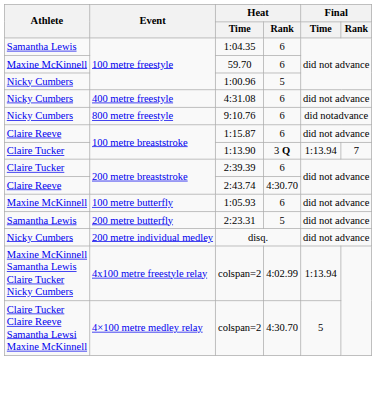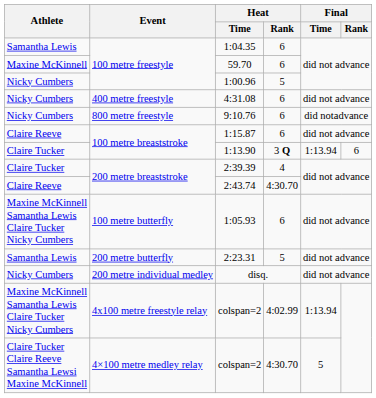 <table class=wikitable style=font-size:90%>
 <tr>
 <th rowspan=2>Athlete</th>
 <th rowspan=2>Event</th>
 <th colspan=2>Heat</th>
 <th colspan=2>Final</th>
 </tr>
 <tr style=font-size:95%>
 <th>Time</th>
 <th>Rank</th>
 <th>Time</th>
 <th>Rank</th>
 </tr>
 <tr align=center>
 <td align=left><a href='#'>Samantha Lewis</a></td>
 <td align=left rowspan=3><a href='#'>100 metre freestyle</a></td>
 <td>1:04.35</td>
 <td>6</td>
 <td colspan=2 rowspan=3>did not advance</td>
 </tr>
 <tr align=center>
 <td align=left><a href='#'>Maxine McKinnell</a></td>
 <td>59.70</td>
 <td>6</td>
 </tr>
 <tr align=center>
 <td align=left><a href='#'>Nicky Cumbers</a></td>
 <td>1:00.96</td>
 <td>5</td>
 </tr>
 <tr align=center>
 <td align=left><a href='#'>Nicky Cumbers</a></td>
 <td align=left><a href='#'>400 metre freestyle</a></td>
 <td>4:31.08</td>
 <td>6</td>
 <td colspan=2>did not advance</td>
 </tr>
 <tr align=center>
 <td align=left><a href='#'>Nicky Cumbers</a></td>
 <td align=left><a href='#'>800 metre freestyle</a></td>
 <td>9:10.76</td>
 <td>6</td>
 <td colspan=2>did notadvance</td>
 </tr>
 <tr align=center>
 <td align=left><a href='#'>Claire Reeve</a></td>
 <td align=left rowspan=2><a href='#'>100 metre breaststroke</a></td>
 <td>1:15.87</td>
 <td>6</td>
 <td colspan=2>did not advance</td>
 </tr>
 <tr align=center>
 <td align=left><a href='#'>Claire Tucker</a></td>
 <td>1:13.90</td>
 <td>3 <strong>Q</strong></td>
 <td>1:13.94</td>
-<td>7</td>
+<td>6</td>
 </tr>
 <tr align=center>
 <td align=left><a href='#'>Claire Tucker</a></td>
 <td align=left rowspan=2><a href='#'>200 metre breaststroke</a></td>
 <td>2:39.39</td>
-<td>6</td>
+<td>4</td>
 <td colspan=2 rowspan=2>did not advance</td>
 </tr>
 <tr align=center>
 <td align=left><a href='#'>Claire Reeve</a></td>
 <td>2:43.74</td>
 <td>4:30.70</td>
 </tr>
 <tr align=center>
-<td align=left><a href='#'>Maxine McKinnell</a></td>
+<td align=left><a href='#'>Maxine McKinnell</a><br><a href='#'>Samantha Lewis</a><br><a href='#'>Claire Tucker</a><br><a href='#'>Nicky Cumbers</a></td>
 <td align=left><a href='#'>100 metre butterfly</a></td>
 <td>1:05.93</td>
 <td>6</td>
 <td colspan=2>did not advance</td>
 </tr>
 <tr align=center>
 <td align=left><a href='#'>Samantha Lewis</a></td>
 <td align=left><a href='#'>200 metre butterfly</a></td>
 <td>2:23.31</td>
 <td>5</td>
 <td colspan=2>did not advance</td>
 </tr>
 <tr align=center>
 <td align=left><a href='#'>Nicky Cumbers</a></td>
 <td align=left><a href='#'>200 metre individual medley</a></td>
 <td colspan=2>disq.</td>
 <td colspan=2>did not advance</td>
 </tr>
 <tr align=center>
 <td align=left><a href='#'>Maxine McKinnell</a><br><a href='#'>Samantha Lewis</a><br><a href='#'>Claire Tucker</a><br><a href='#'>Nicky Cumbers</a></td>
 <td align=left><a href='#'>4x100 metre freestyle relay</a></td>
 <td>colspan=2 </td>
 <td>4:02.99</td>
 <td>1:13.94</td>
 </tr>
 <tr align=center>
 <td align=left><a href='#'>Claire Tucker</a><br><a href='#'>Claire Reeve</a><br><a href='#'>Samantha Lewsi</a><br><a href='#'>Maxine McKinnell</a></td>
 <td align=left><a href='#'>4×100 metre medley relay</a></td>
 <td>colspan=2 </td>
 <td>4:30.70</td>
 <td>5</td>
 </tr>
 </table>
